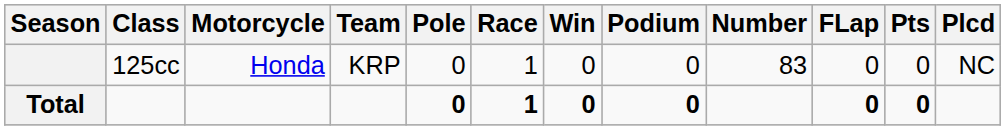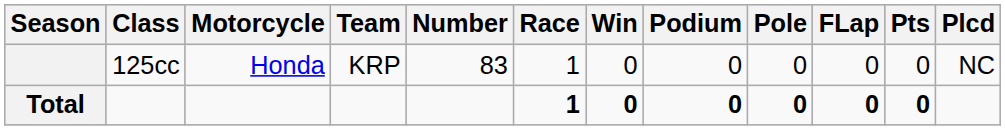 <table class="wikitable">
 <tr>
 <th>Season</th>
 <th>Class</th>
 <th>Motorcycle</th>
 <th>Team</th>
-<th>Pole</th>
+<th>Number</th>
 <th>Race</th>
 <th>Win</th>
 <th>Podium</th>
-<th>Number</th>
+<th>Pole</th>
 <th>FLap</th>
 <th>Pts</th>
 <th>Plcd</th>
 </tr>
 <tr align="right">
 <th></th>
 <td>125cc</td>
 <td><a href='#'>Honda</a></td>
 <td>KRP</td>
-<td>0</td>
+<td>83</td>
 <td>1</td>
 <td>0</td>
 <td>0</td>
-<td>83</td>
+<td>0</td>
 <td>0</td>
 <td>0</td>
 <td>NC</td>
 </tr>
 <tr align="right">
 <th>Total</th>
 <td></td>
 <td></td>
 <td></td>
-<td><strong>0</strong></td>
+<td></td>
 <td><strong>1</strong></td>
 <td><strong>0</strong></td>
 <td><strong>0</strong></td>
-<td></td>
+<td><strong>0</strong></td>
 <td><strong>0</strong></td>
 <td><strong>0</strong></td>
 <td></td>
 </tr>
 </table>
